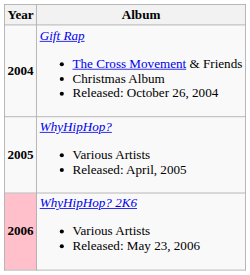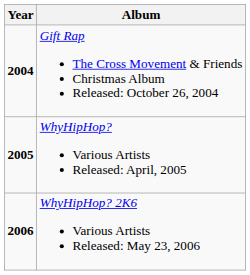 <table class="wikitable">
 <tr>
 <th><strong>Year</strong></th>
 <th><strong>Album</strong></th>
 </tr>
 <tr>
 <td><strong>2004</strong></td>
 <td><em><a href='#'>Gift Rap</a></em><br><ul><li><a href='#'>The Cross Movement</a> & Friends</li><li>Christmas Album</li><li>Released: October 26, 2004</li></ul></td>
 </tr>
 <tr>
 <td><strong>2005</strong></td>
 <td><em><a href='#'>WhyHipHop?</a></em><br><ul><li>Various Artists</li><li>Released: April, 2005</li></ul></td>
 </tr>
 <tr>
-<td style="background: pink;"><strong>2006</strong></td>
+<td><strong>2006</strong></td>
 <td><em><a href='#'>WhyHipHop? 2K6</a></em><br><ul><li>Various Artists</li><li>Released: May 23, 2006</li></ul></td>
 </tr>
 </table>
